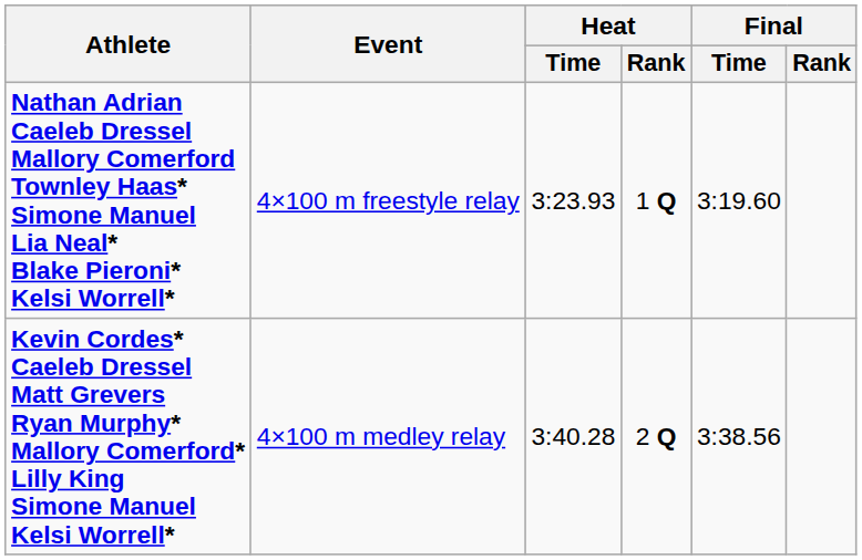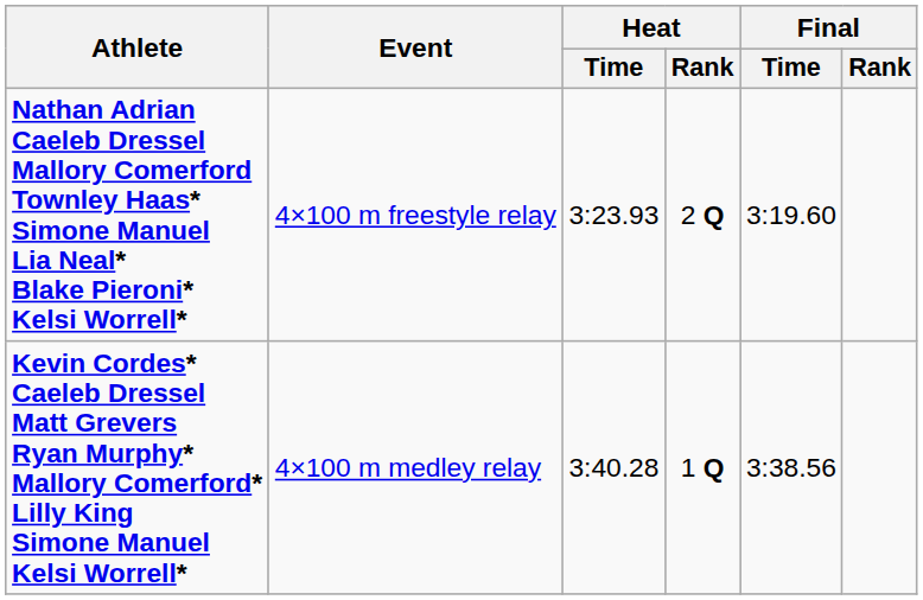 <table class=wikitable style="font-size:90%">
 <tr>
 <th rowspan="2">Athlete</th>
 <th rowspan="2">Event</th>
 <th colspan="2">Heat</th>
 <th colspan="2">Final</th>
 </tr>
 <tr style="font-size:95%">
 <th>Time</th>
 <th>Rank</th>
 <th>Time</th>
 <th>Rank</th>
 </tr>
 <tr align=center>
 <td align=left><strong><a href='#'>Nathan Adrian</a><br><a href='#'>Caeleb Dressel</a><br><a href='#'>Mallory Comerford</a><br><a href='#'>Townley Haas</a>*<br><a href='#'>Simone Manuel</a><br><a href='#'>Lia Neal</a>*<br><a href='#'>Blake Pieroni</a>*<br><a href='#'>Kelsi Worrell</a>*</strong></td>
 <td align=left><a href='#'>4×100 m freestyle relay</a></td>
 <td>3:23.93</td>
-<td>1 <strong>Q</strong></td>
+<td>2 <strong>Q</strong></td>
 <td>3:19.60 </td>
 <td></td>
 </tr>
 <tr align=center>
 <td align=left><strong><a href='#'>Kevin Cordes</a>*<br><a href='#'>Caeleb Dressel</a><br><a href='#'>Matt Grevers</a><br><a href='#'>Ryan Murphy</a>*<br><a href='#'>Mallory Comerford</a>*<br><a href='#'>Lilly King</a><br><a href='#'>Simone Manuel</a><br><a href='#'>Kelsi Worrell</a>*</strong></td>
 <td align=left><a href='#'>4×100 m medley relay</a></td>
 <td>3:40.28 </td>
-<td>2 <strong>Q</strong></td>
+<td>1 <strong>Q</strong></td>
 <td>3:38.56 </td>
 <td></td>
 </tr>
 </table>
